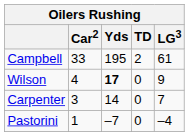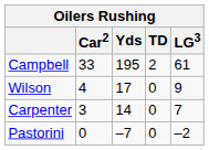 <table class="wikitable">
 <tr>
 <th colspan="5">Oilers Rushing</th>
 </tr>
 <tr>
 <th></th>
 <th>Car<sup>2</sup></th>
 <th>Yds</th>
 <th>TD</th>
 <th>LG<sup>3</sup></th>
 </tr>
 <tr>
 <td><a href='#'>Campbell</a></td>
 <td>33</td>
 <td>195</td>
 <td>2</td>
 <td>61</td>
 </tr>
 <tr>
 <td><a href='#'>Wilson</a></td>
 <td>4</td>
-<td><strong>17</strong></td>
+<td>17</td>
 <td>0</td>
 <td>9</td>
 </tr>
 <tr>
 <td><a href='#'>Carpenter</a></td>
 <td>3</td>
 <td>14</td>
 <td>0</td>
 <td>7</td>
 </tr>
 <tr>
 <td><a href='#'>Pastorini</a></td>
-<td>1</td>
+<td>0</td>
 <td>–7</td>
 <td>0</td>
-<td>–4</td>
+<td>–2</td>
 </tr>
 </table>
